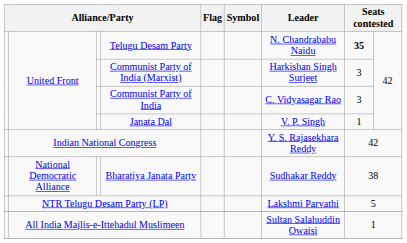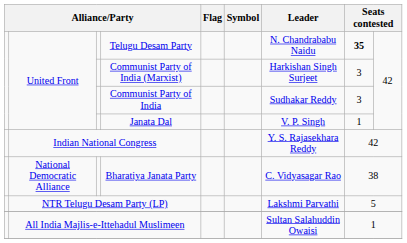 <table class="wikitable sortable" width="50%" style="text-align:center;">
 <tr>
 <th colspan=4>Alliance/Party</th>
 <th>Flag</th>
 <th>Symbol</th>
 <th>Leader</th>
 <th colspan=4>Seats contested</th>
 </tr>
 <tr>
 <td rowspan=4 style="text-align:center; background:"></td>
 <td rowspan=4><a href='#'>United Front</a></td>
 <td style="text-align:center; background:"></td>
 <td><a href='#'>Telugu Desam Party</a></td>
 <td></td>
 <td></td>
 <td><a href='#'>N. Chandrababu Naidu</a></td>
 <td><strong>35</strong></td>
 <td rowspan=4>42</td>
 </tr>
 <tr>
 <td style="text-align:center; background:"></td>
 <td><a href='#'>Communist Party of India (Marxist)</a></td>
 <td></td>
 <td></td>
 <td><a href='#'>Harkishan Singh Surjeet</a></td>
 <td>3</td>
 </tr>
 <tr>
 <td style="text-align:center; background:"></td>
 <td><a href='#'>Communist Party of India</a></td>
 <td></td>
 <td></td>
-<td><a href='#'>C. Vidyasagar Rao</a></td>
+<td><a href='#'>Sudhakar Reddy</a></td>
 <td>3</td>
 </tr>
 <tr>
 <td style="text-align:center; background:"></td>
 <td><a href='#'>Janata Dal</a></td>
 <td></td>
 <td></td>
 <td><a href='#'>V. P. Singh</a></td>
 <td>1</td>
 </tr>
 <tr>
 <td style="text-align:center; background:"></td>
 <td colspan=3><a href='#'>Indian National Congress</a></td>
 <td></td>
 <td></td>
 <td><a href='#'>Y. S. Rajasekhara Reddy</a></td>
 <td colspan=3>42</td>
 </tr>
 <tr>
 <td rowspan=1 style="text-align:center;background:"></td>
 <td rowspan=1><a href='#'>National Democratic Alliance</a></td>
 <td style="text-align:center; background:"></td>
 <td><a href='#'>Bharatiya Janata Party</a></td>
 <td></td>
 <td></td>
-<td><a href='#'>Sudhakar Reddy</a></td>
+<td><a href='#'>C. Vidyasagar Rao</a></td>
 <td colspan=3>38</td>
 </tr>
 <tr>
 <td style="text-align:center; background:"></td>
 <td colspan="3"><a href='#'>NTR Telugu Desam Party (LP)</a></td>
 <td></td>
 <td></td>
 <td><a href='#'>Lakshmi Parvathi</a></td>
 <td colspan="3">5</td>
 </tr>
 <tr>
 </tr>
 <tr>
 <td style="text-align:center; background:"></td>
 <td colspan=3><a href='#'>All India Majlis-e-Ittehadul Muslimeen</a></td>
 <td></td>
 <td></td>
 <td><a href='#'>Sultan Salahuddin Owaisi</a></td>
 <td colspan=3>1</td>
 </tr>
 <tr>
 </tr>
 </table>
